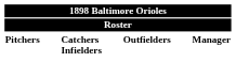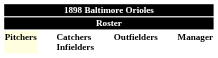 <table class="toccolours" style="font-size: 95%;">
 <tr>
 <th colspan="10" style="background-color: black; color: white; text-align: center;">1898 Baltimore Orioles</th>
 </tr>
 <tr>
 <td colspan="10" style="background-color: black; color: white; text-align: center;"><strong>Roster</strong></td>
 </tr>
 <tr>
-<td valign="top"><strong>Pitchers</strong><br>      </td>
+<td valign="top" style="background: lightyellow;"><strong>Pitchers</strong><br>      </td>
 <td width="25px"></td>
 <td valign="top"><strong>Catchers</strong><br>     <strong>Infielders</strong>      </td>
 <td width="25px"></td>
 <td valign="top"><strong>Outfielders</strong><br>     </td>
 <td width="25px"></td>
 <td valign="top"><strong>Manager</strong><br></td>
 </tr>
 </table>
